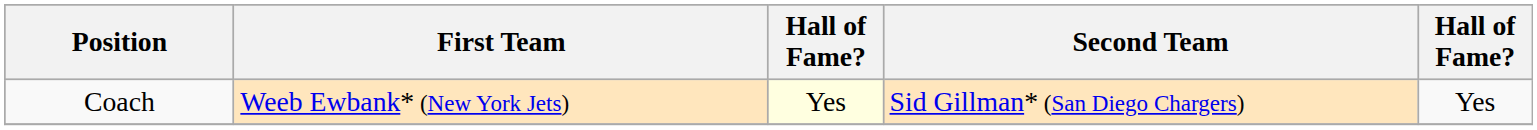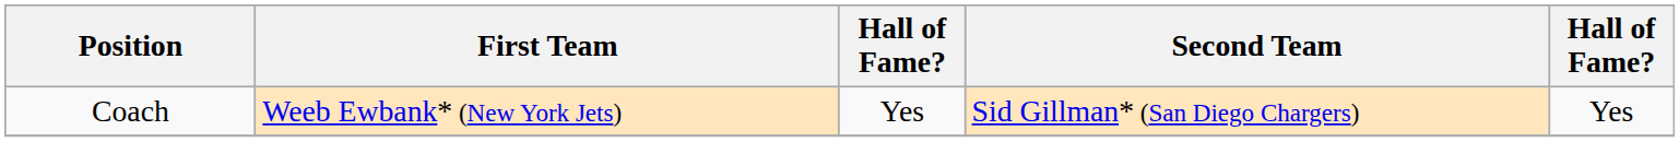 <table class="wikitable" style="width:100%;">
 <tr>
 <th style="width:15%;">Position</th>
 <th style="width:35%;">First Team</th>
 <th style="width:7.5%;">Hall of Fame?</th>
 <th style="width:35%;">Second Team</th>
 <th style="width:7.5%;">Hall of Fame?</th>
 </tr>
 <tr>
 <td align=center>Coach</td>
 <td style="background-color:#FFE6BD"><a href='#'>Weeb Ewbank</a>*<small>  (<a href='#'>New York Jets</a>)</small></td>
-<td align=center style="background: lightyellow;">Yes</td>
+<td align=center>Yes</td>
 <td style="background-color:#FFE6BD"><a href='#'>Sid Gillman</a>*<small>  (<a href='#'>San Diego Chargers</a>)</small></td>
 <td align=center>Yes</td>
 </tr>
 <tr>
 </tr>
 </table>
